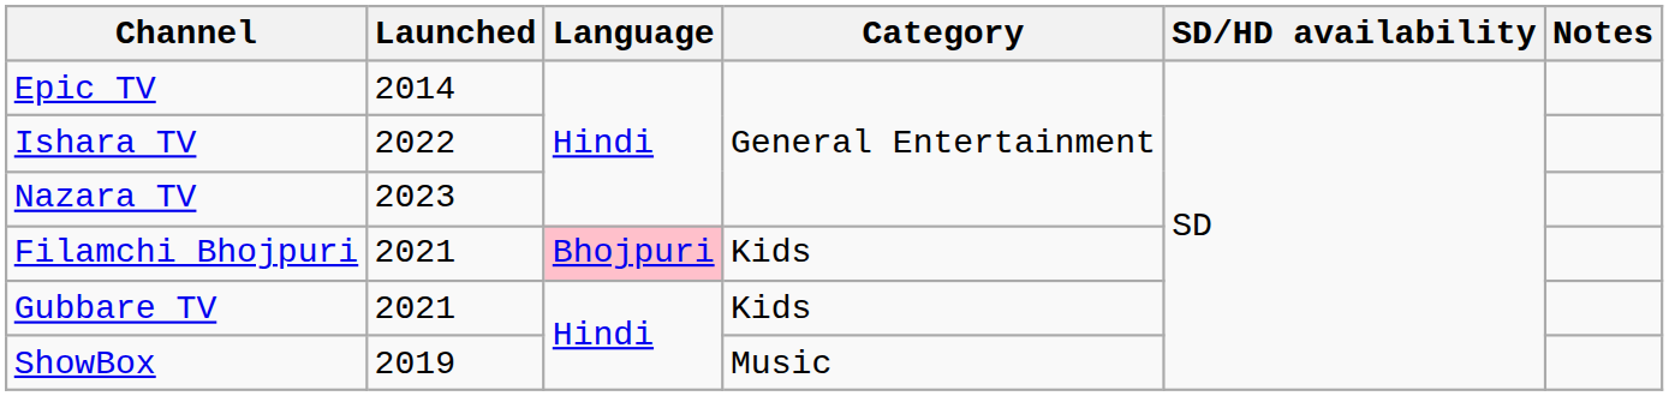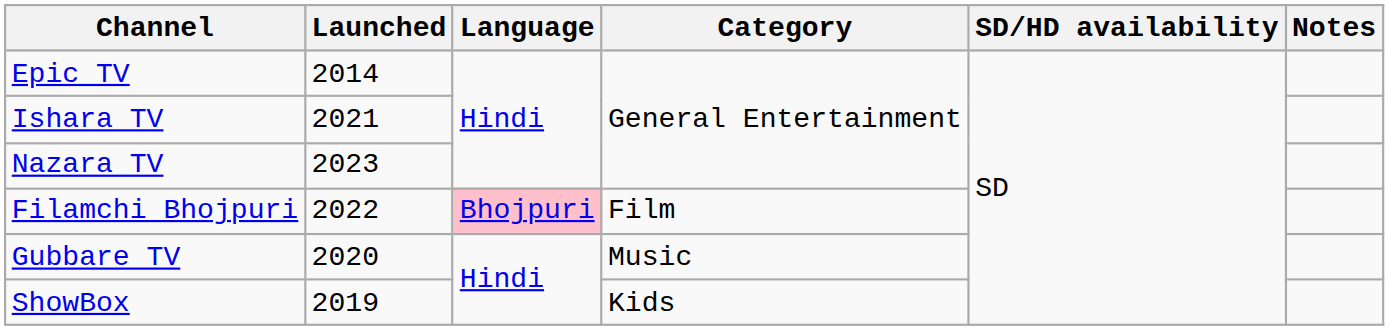 <table class="wikitable" style="text-align:middle;">
 <tr>
 <th>Channel</th>
 <th>Launched</th>
 <th>Language</th>
 <th>Category</th>
 <th>SD/HD availability</th>
 <th>Notes</th>
 </tr>
 <tr>
 <td><a href='#'>Epic TV</a></td>
 <td>2014</td>
 <td rowspan="3"><a href='#'>Hindi</a></td>
 <td rowspan="3">General Entertainment</td>
 <td rowspan="7">SD</td>
 <td></td>
 </tr>
 <tr>
 <td><a href='#'>Ishara TV</a></td>
-<td>2022</td>
+<td>2021</td>
 <td></td>
 </tr>
 <tr>
 <td><a href='#'>Nazara TV</a></td>
 <td>2023</td>
 <td></td>
 </tr>
 <tr>
 <td><a href='#'>Filamchi Bhojpuri</a></td>
-<td>2021</td>
+<td>2022</td>
 <td style="background: pink;"><a href='#'>Bhojpuri</a></td>
-<td>Kids</td>
+<td>Film</td>
 <td></td>
 </tr>
 <tr>
 <td><a href='#'>Gubbare TV</a></td>
-<td>2021</td>
+<td>2020</td>
 <td rowspan="2"><a href='#'>Hindi</a></td>
-<td>Kids</td>
+<td>Music</td>
 <td></td>
 </tr>
 <tr>
 <td><a href='#'>ShowBox</a></td>
 <td>2019</td>
-<td>Music</td>
+<td>Kids</td>
 <td></td>
 </tr>
 </table>
